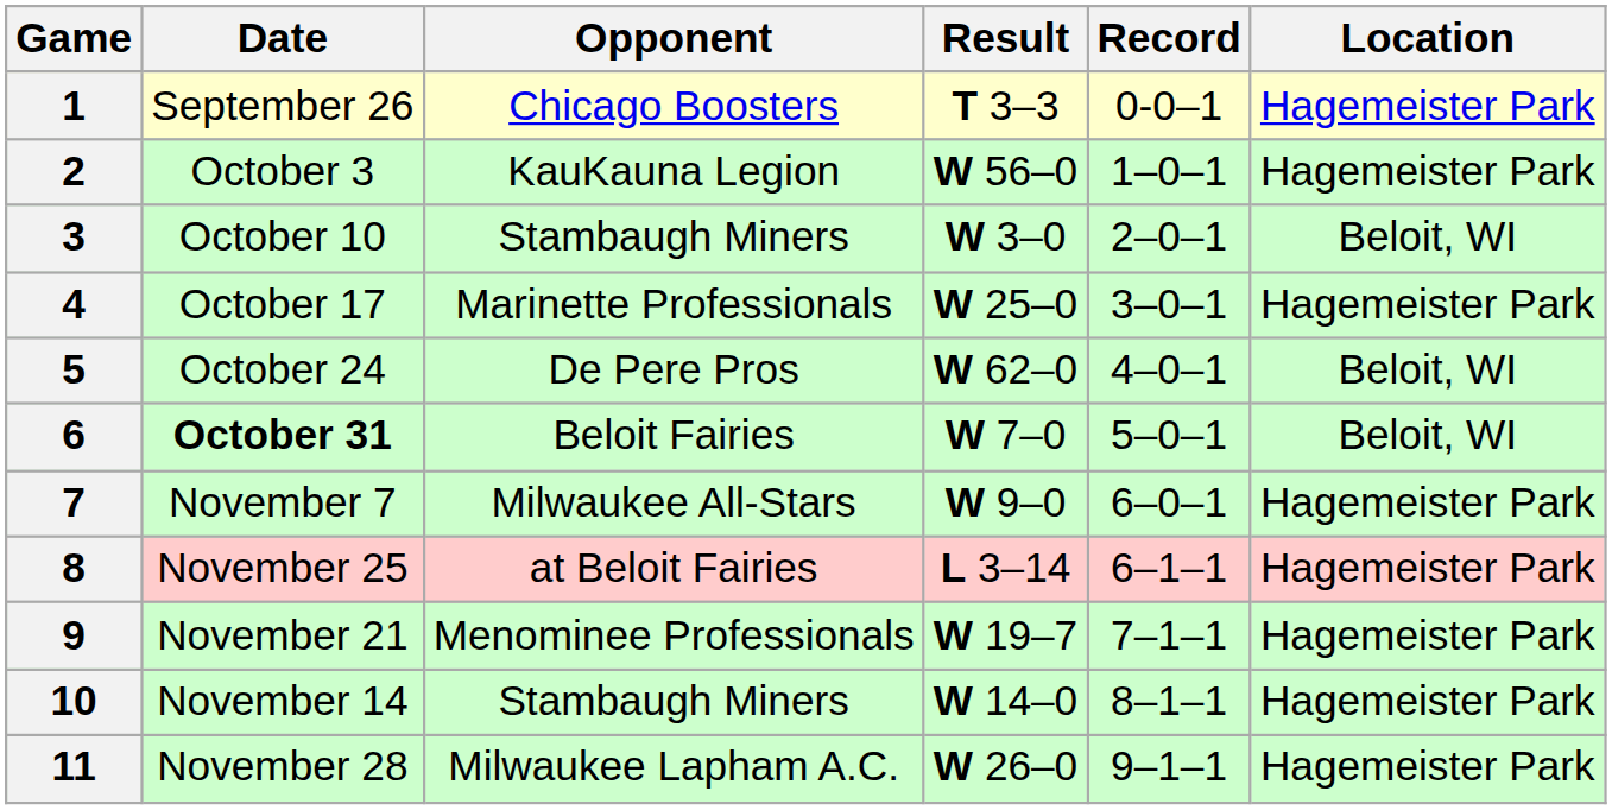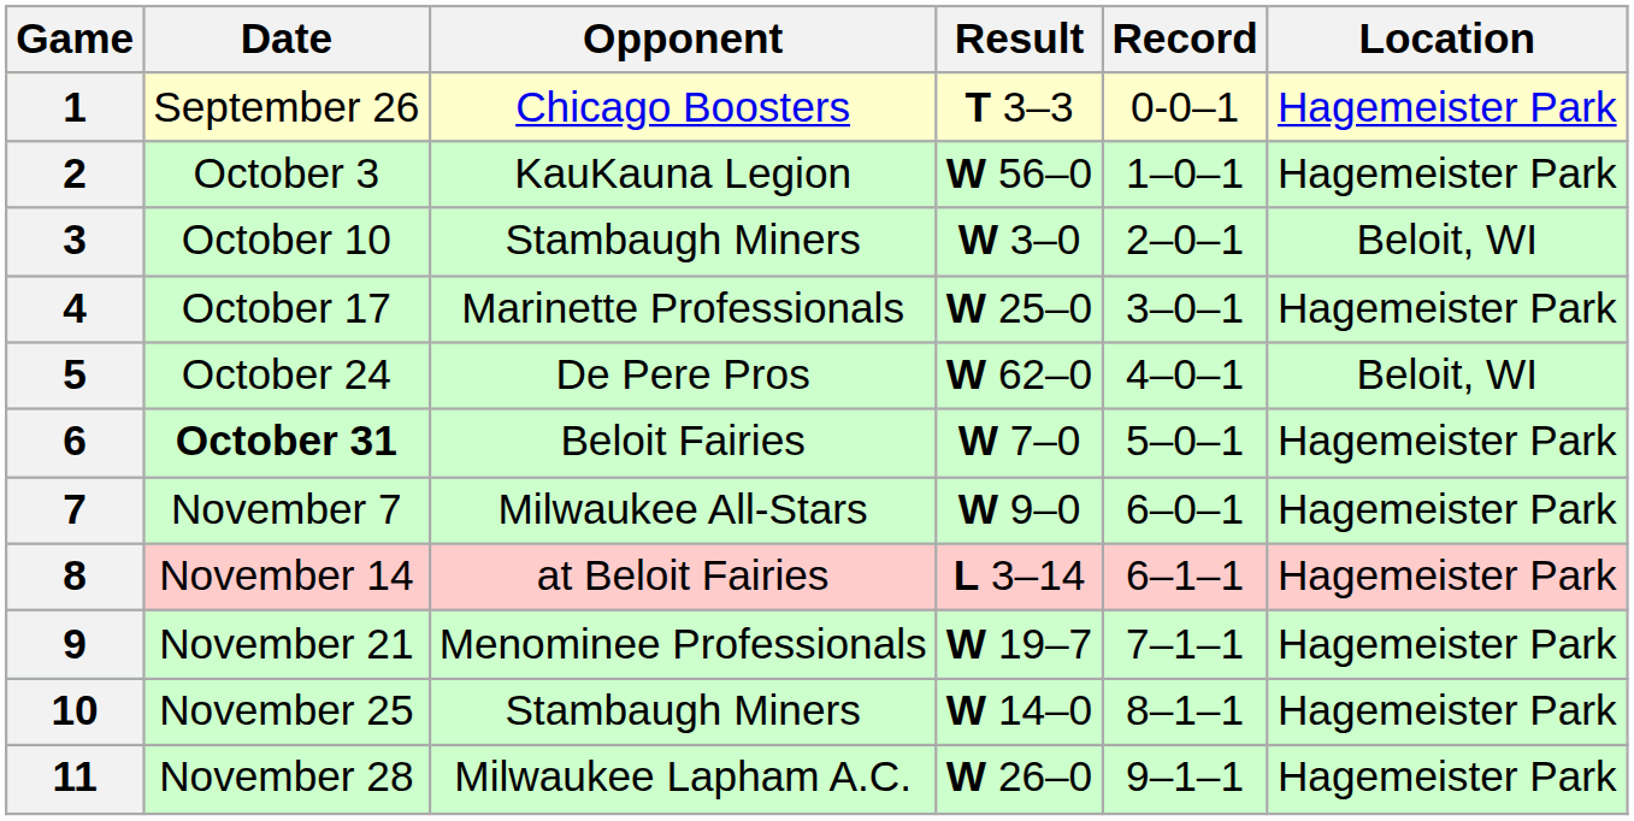 <table class="wikitable" style="text-align:center">
 <tr>
 <th>Game</th>
 <th>Date</th>
 <th>Opponent</th>
 <th>Result</th>
 <th>Record</th>
 <th>Location</th>
 </tr>
 <tr style="background:#ffc">
 <th>1</th>
 <td>September 26</td>
 <td><a href='#'>Chicago Boosters</a></td>
 <td><strong>T</strong> 3–3</td>
 <td>0-0–1</td>
 <td><a href='#'>Hagemeister Park</a></td>
 </tr>
 <tr style="background:#cfc">
 <th>2</th>
 <td>October 3</td>
 <td>KauKauna Legion</td>
 <td><strong>W</strong> 56–0</td>
 <td>1–0–1</td>
 <td>Hagemeister Park</td>
 </tr>
 <tr style="background:#cfc">
 <th>3</th>
 <td>October 10</td>
 <td>Stambaugh Miners</td>
 <td><strong>W</strong> 3–0</td>
 <td>2–0–1</td>
 <td>Beloit, WI</td>
 </tr>
 <tr style="background:#cfc">
 <th>4</th>
 <td>October 17</td>
 <td>Marinette Professionals</td>
 <td><strong>W</strong> 25–0</td>
 <td>3–0–1</td>
 <td>Hagemeister Park</td>
 </tr>
 <tr style="background:#cfc">
 <th>5</th>
 <td>October 24</td>
 <td>De Pere Pros</td>
 <td><strong>W</strong> 62–0</td>
 <td>4–0–1</td>
 <td>Beloit, WI</td>
 </tr>
 <tr style="background:#cfc">
 <th>6</th>
 <td><strong>October 31</strong></td>
 <td>Beloit Fairies</td>
 <td><strong>W</strong> 7–0</td>
 <td>5–0–1</td>
-<td>Beloit, WI</td>
+<td>Hagemeister Park</td>
 </tr>
 <tr style="background:#cfc">
 <th>7</th>
 <td>November 7</td>
 <td>Milwaukee All-Stars</td>
 <td><strong>W</strong> 9–0</td>
 <td>6–0–1</td>
 <td>Hagemeister Park</td>
 </tr>
 <tr style="background:#fcc">
 <th>8</th>
-<td>November 25</td>
+<td>November 14</td>
 <td>at Beloit Fairies</td>
 <td><strong>L</strong> 3–14</td>
 <td>6–1–1</td>
 <td>Hagemeister Park</td>
 </tr>
 <tr style="background:#cfc">
 <th>9</th>
 <td>November 21</td>
 <td>Menominee Professionals</td>
 <td><strong>W</strong> 19–7</td>
 <td>7–1–1</td>
 <td>Hagemeister Park</td>
 </tr>
 <tr style="background:#cfc">
 <th>10</th>
-<td>November 14</td>
+<td>November 25</td>
 <td>Stambaugh Miners</td>
 <td><strong>W</strong> 14–0</td>
 <td>8–1–1</td>
 <td>Hagemeister Park</td>
 </tr>
 <tr style="background:#cfc">
 <th>11</th>
 <td>November 28</td>
 <td>Milwaukee Lapham A.C.</td>
 <td><strong>W</strong> 26–0</td>
 <td>9–1–1</td>
 <td>Hagemeister Park</td>
 </tr>
 </table>
